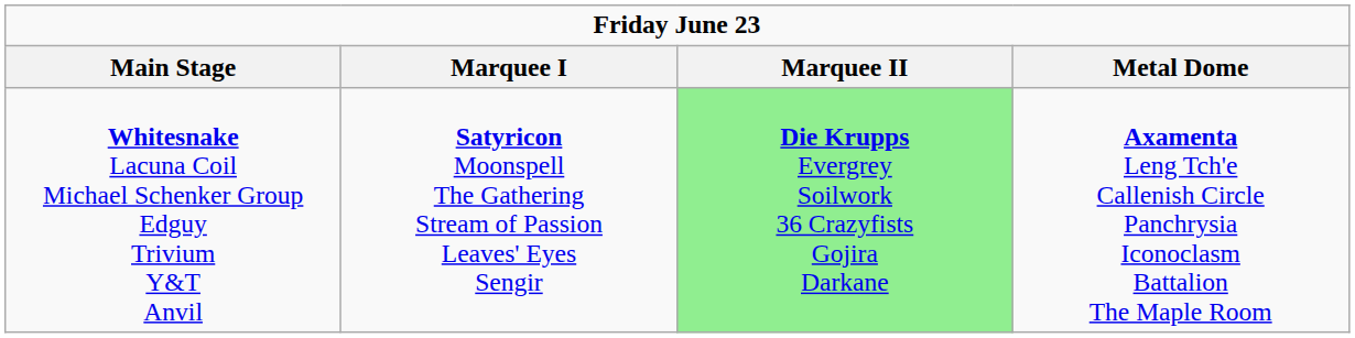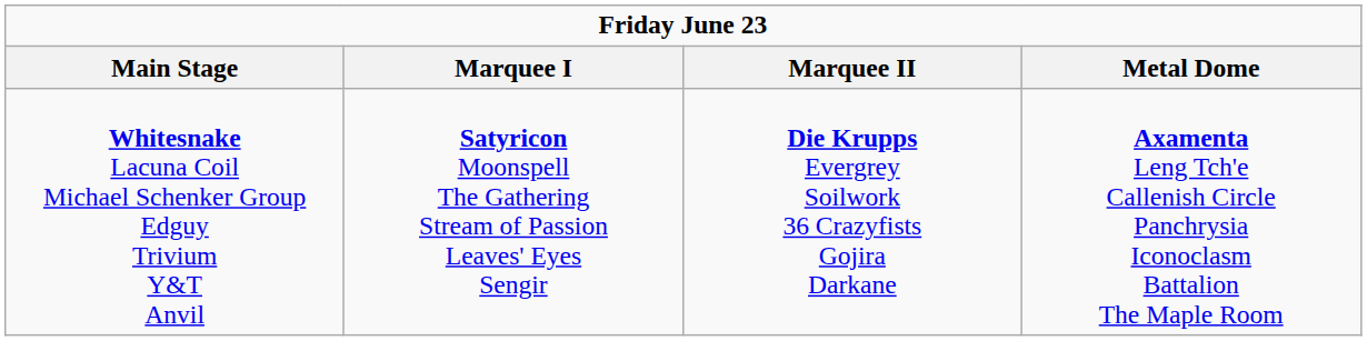 <table class="wikitable">
 <tr>
 <td colspan="4" style="text-align:center;"><strong>Friday June 23</strong></td>
 </tr>
 <tr>
 <th>Main Stage</th>
 <th>Marquee I</th>
 <th>Marquee II</th>
 <th>Metal Dome</th>
 </tr>
 <tr>
 <td style="text-align:center; vertical-align:top; width:200px;"><br><strong><a href='#'>Whitesnake</a></strong> <br> <a href='#'>Lacuna Coil</a> <br> <a href='#'>Michael Schenker Group</a> <br> <a href='#'>Edguy</a> <br> <a href='#'>Trivium</a> <br> <a href='#'>Y&T</a> <br> <a href='#'>Anvil</a></td>
 <td style="text-align:center; vertical-align:top; width:200px;"><br><strong><a href='#'>Satyricon</a></strong> <br> <a href='#'>Moonspell</a> <br> <a href='#'>The Gathering</a> <br> <a href='#'>Stream of Passion</a> <br> <a href='#'>Leaves' Eyes</a> <br> <a href='#'>Sengir</a></td>
-<td style="background: lightgreen; text-align:center; vertical-align:top; width:200px;"><br><strong><a href='#'>Die Krupps</a></strong> <br> <a href='#'>Evergrey</a> <br> <a href='#'>Soilwork</a> <br> <a href='#'>36 Crazyfists</a> <br> <a href='#'>Gojira</a> <br> <a href='#'>Darkane</a></td>
+<td style="text-align:center; vertical-align:top; width:200px;"><br><strong><a href='#'>Die Krupps</a></strong> <br> <a href='#'>Evergrey</a> <br> <a href='#'>Soilwork</a> <br> <a href='#'>36 Crazyfists</a> <br> <a href='#'>Gojira</a> <br> <a href='#'>Darkane</a></td>
 <td style="text-align:center; vertical-align:top; width:200px;"><br><strong><a href='#'>Axamenta</a></strong> <br> <a href='#'>Leng Tch'e</a> <br> <a href='#'>Callenish Circle</a> <br> <a href='#'>Panchrysia</a> <br> <a href='#'>Iconoclasm</a> <br> <a href='#'>Battalion</a> <br> <a href='#'>The Maple Room</a></td>
 </tr>
 </table>
